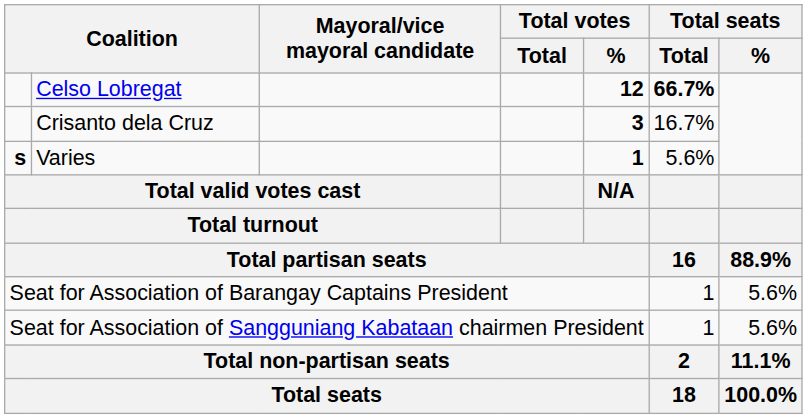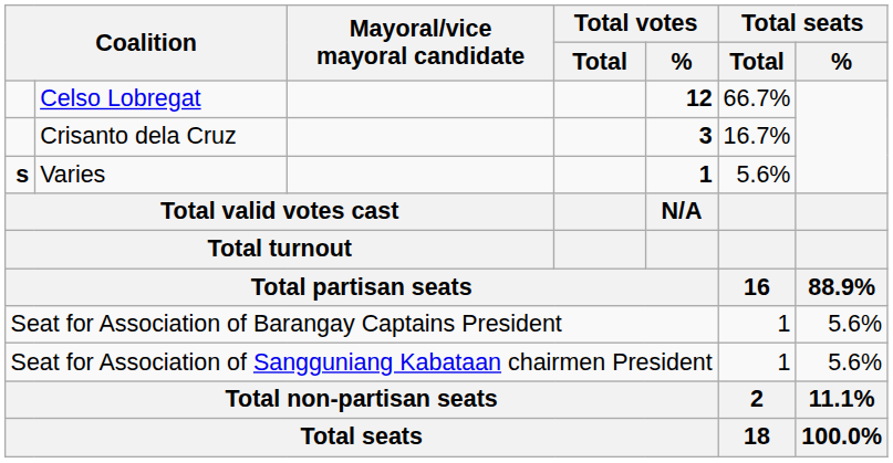 <table class=wikitable style="text-align:right">
 <tr>
 <th rowspan=2 colspan=2>Coalition</th>
 <th rowspan=2>Mayoral/vice<br>mayoral candidate</th>
 <th colspan=2>Total votes</th>
 <th colspan=2>Total seats</th>
 </tr>
 <tr>
 <th>Total</th>
 <th>%</th>
 <th>Total</th>
 <th>%</th>
 </tr>
 <tr>
 <td></td>
 <td align=left><a href='#'>Celso Lobregat</a></td>
 <td></td>
 <td></td>
 <td><strong>12</strong></td>
-<td><strong>66.7%</strong></td>
+<td>66.7%</td>
 </tr>
 <tr>
 <td></td>
 <td align=left>Crisanto dela Cruz</td>
 <td></td>
 <td></td>
 <td><strong>3</strong></td>
 <td>16.7%</td>
 </tr>
 <tr>
 <td><strong>s</strong></td>
 <td align=left>Varies</td>
 <td></td>
 <td></td>
 <td><strong>1</strong></td>
 <td>5.6%</td>
 </tr>
 <tr>
 <th align=left colspan=3>Total valid votes cast</th>
 <th></th>
 <th>N/A</th>
 <th></th>
 <th></th>
 </tr>
 <tr>
 <th align=left colspan=3>Total turnout</th>
 <th></th>
 <th></th>
 <th></th>
 <th></th>
 </tr>
 <tr>
 <th align=left colspan=5>Total partisan seats</th>
 <th>16</th>
 <th>88.9%</th>
 </tr>
 <tr>
 <td align=left colspan=5>Seat for Association of Barangay Captains President</td>
 <td>1</td>
 <td>5.6%</td>
 </tr>
 <tr>
 <td align=left colspan=5>Seat for Association of <a href='#'>Sangguniang Kabataan</a> chairmen President</td>
 <td>1</td>
 <td>5.6%</td>
 </tr>
 <tr>
 <th align=left colspan=5>Total non-partisan seats</th>
 <th>2</th>
 <th>11.1%</th>
 </tr>
 <tr>
 <th colspan=5>Total seats</th>
 <th>18</th>
 <th>100.0%</th>
 </tr>
 </table>
